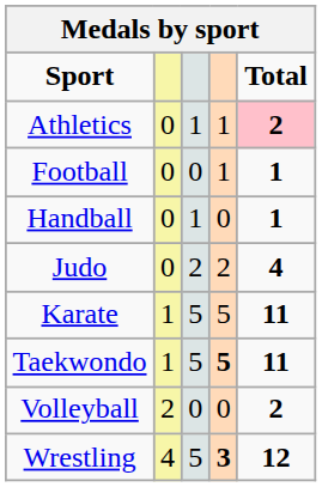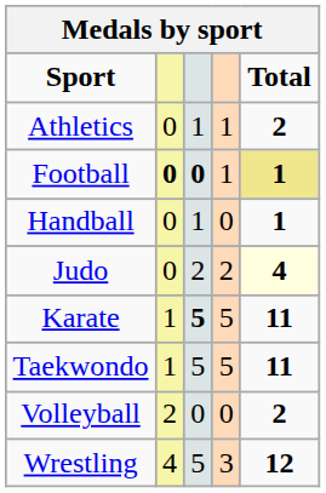 <table class="wikitable" style="font-size:85%; text-align:center;">
 <tr style="background:#efefef;">
 <th colspan=7><strong>Medals by sport</strong></th>
 </tr>
 <tr align=center>
 <td><strong>Sport</strong></td>
 <td bgcolor=#f7f6a8></td>
 <td bgcolor=#dce5e5></td>
 <td bgcolor=#ffdab9></td>
 <td><strong>Total</strong></td>
 </tr>
 <tr align=center>
 <td><a href='#'>Athletics</a></td>
 <td style="background:#F7F6A8;">0</td>
 <td style="background:#DCE5E5;">1</td>
 <td style="background:#FFDAB9;">1</td>
-<td style="background: pink;"><strong>2</strong></td>
+<td><strong>2</strong></td>
 </tr>
 <tr align=center>
 <td><a href='#'>Football</a></td>
-<td style="background:#F7F6A8;">0</td>
-<td style="background:#DCE5E5;">0</td>
+<td style="background:#F7F6A8;"><strong>0</strong></td>
+<td style="background:#DCE5E5;"><strong>0</strong></td>
 <td style="background:#FFDAB9;">1</td>
-<td><strong>1</strong></td>
+<td style="background: khaki;"><strong>1</strong></td>
 </tr>
 <tr align=center>
 <td><a href='#'>Handball</a></td>
 <td style="background:#F7F6A8;">0</td>
 <td style="background:#DCE5E5;">1</td>
 <td style="background:#FFDAB9;">0</td>
 <td><strong>1</strong></td>
 </tr>
 <tr align=center>
 <td><a href='#'>Judo</a></td>
 <td style="background:#F7F6A8;">0</td>
 <td style="background:#DCE5E5;">2</td>
 <td style="background:#FFDAB9;">2</td>
-<td><strong>4</strong></td>
+<td style="background: lightyellow;"><strong>4</strong></td>
 </tr>
 <tr align=center>
 <td><a href='#'>Karate</a></td>
 <td style="background:#F7F6A8;">1</td>
-<td style="background:#DCE5E5;">5</td>
+<td style="background:#DCE5E5;"><strong>5</strong></td>
 <td style="background:#FFDAB9;">5</td>
 <td><strong>11</strong></td>
 </tr>
 <tr align=center>
 <td><a href='#'>Taekwondo</a></td>
 <td style="background:#F7F6A8;">1</td>
 <td style="background:#DCE5E5;">5</td>
-<td style="background:#FFDAB9;"><strong>5</strong></td>
+<td style="background:#FFDAB9;">5</td>
 <td><strong>11</strong></td>
 </tr>
 <tr align=center>
 <td><a href='#'>Volleyball</a></td>
 <td style="background:#F7F6A8;">2</td>
 <td style="background:#DCE5E5;">0</td>
 <td style="background:#FFDAB9;">0</td>
 <td><strong>2</strong></td>
 </tr>
 <tr align=center>
 <td><a href='#'>Wrestling</a></td>
 <td style="background:#F7F6A8;">4</td>
 <td style="background:#DCE5E5;">5</td>
-<td style="background:#FFDAB9;"><strong>3</strong></td>
+<td style="background:#FFDAB9;">3</td>
 <td><strong>12</strong></td>
 </tr>
 </table>
